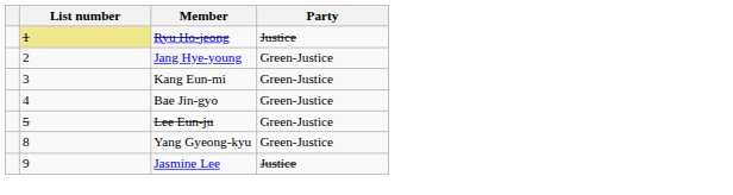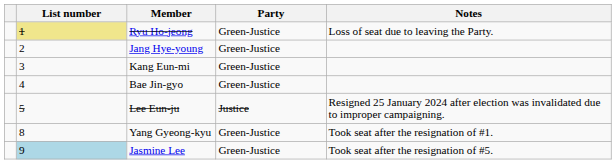 <table class="wikitable sortable">
 <tr>
 <th scope="col" style="width:10px;" class="unsortable"></th>
 <th scope="col" style="width:150px;">List number</th>
 <th scope="col" style="width:120px;">Member</th>
 <th scope="col" style="width:150px;">Party</th>
+<th scope="col" style="width:400px;" class="unsortable">Notes</th>
 </tr>
 <tr>
 <td scope="row" width="10" style="background-color:"></td>
 <td style="background: khaki; width:50px;"><s> 1 </s></td>
 <td><s><a href='#'>Ryu Ho-jeong</a> </s></td>
-<td><s>Justice</s></td>
+<td>Green-Justice</td>
+<td>Loss of seat due to leaving the Party.</td>
 </tr>
 <tr>
 <td scope="row" style="background-color:"></td>
 <td>2</td>
 <td><a href='#'>Jang Hye-young</a></td>
 <td>Green-Justice</td>
+<td></td>
 </tr>
 <tr>
 <td scope="row" style="background-color:"></td>
 <td>3</td>
 <td>Kang Eun-mi</td>
 <td>Green-Justice</td>
+<td></td>
 </tr>
 <tr>
 <td scope="row" style="background-color:"></td>
 <td>4</td>
 <td>Bae Jin-gyo</td>
 <td>Green-Justice</td>
+<td></td>
 </tr>
 <tr>
 <td scope="row" style="background-color:"></td>
 <td><s>5</s></td>
 <td><s>Lee Eun-ju</s></td>
-<td>Green-Justice</td>
+<td><s>Justice</s></td>
+<td>Resigned 25 January 2024 after election was invalidated due to improper campaigning.</td>
 </tr>
 <tr>
 <td scope="row" style="background-color:"></td>
 <td>8</td>
 <td>Yang Gyeong-kyu</td>
 <td>Green-Justice</td>
+<td>Took seat after the resignation of #1.</td>
 </tr>
 <tr>
 <td scope="row" style="background-color:"></td>
-<td>9</td>
+<td style="background: lightblue;">9</td>
 <td><a href='#'>Jasmine Lee</a></td>
-<td><s>Justice</s></td>
+<td>Green-Justice</td>
+<td>Took seat after the resignation of #5.</td>
 </tr>
 </table>
